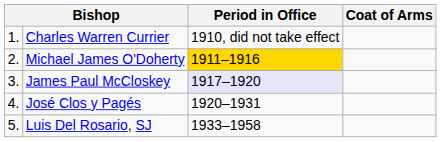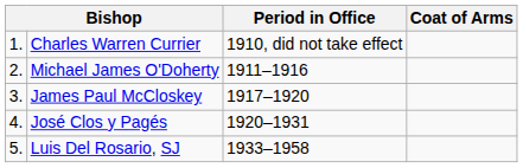 <table class="wikitable">
 <tr>
 <th colspan=2>Bishop</th>
 <th>Period in Office</th>
 <th>Coat of Arms</th>
 </tr>
 <tr>
 <td>1.</td>
 <td><a href='#'>Charles Warren Currier</a></td>
 <td>1910, did not take effect</td>
 <td></td>
 </tr>
 <tr>
 <td>2.</td>
 <td><a href='#'>Michael James O'Doherty</a></td>
-<td style="background: gold;">1911–1916</td>
+<td>1911–1916</td>
 <td></td>
 </tr>
 <tr>
 <td>3.</td>
 <td><a href='#'>James Paul McCloskey</a></td>
-<td style="background: lavender;">1917–1920</td>
+<td>1917–1920</td>
 <td></td>
 </tr>
 <tr>
 <td>4.</td>
 <td><a href='#'>José Clos y Pagés</a></td>
 <td>1920–1931</td>
 <td></td>
 </tr>
 <tr>
 <td>5.</td>
 <td><a href='#'>Luis Del Rosario</a>, <a href='#'>SJ</a></td>
 <td>1933–1958</td>
 <td></td>
 </tr>
 </table>
